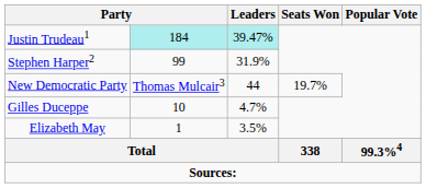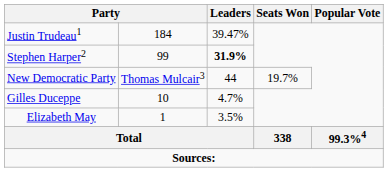 <table class="wikitable">
 <tr>
 <th colspan="2">Party</th>
 <th>Leaders</th>
 <th>Seats Won</th>
 <th>Popular Vote</th>
 </tr>
 <tr>
 <td><a href='#'>Justin Trudeau</a><sup>1</sup></td>
-<td align=center style="background: paleturquoise;">184</td>
-<td align=center style="background: paleturquoise;">39.47%</td>
+<td align=center>184</td>
+<td align=center>39.47%</td>
 </tr>
 <tr>
 <td><a href='#'>Stephen Harper</a><sup>2</sup></td>
 <td align=center>99</td>
-<td align=center>31.9%</td>
+<td align=center><strong>31.9%</strong></td>
 </tr>
 <tr>
 <td><a href='#'>New Democratic Party</a></td>
 <td><a href='#'>Thomas Mulcair</a><sup>3</sup></td>
 <td align=center>44</td>
 <td align=center>19.7%</td>
 </tr>
 <tr>
 <td><a href='#'>Gilles Duceppe</a></td>
 <td align=center>10</td>
 <td align=center>4.7%</td>
 </tr>
 <tr>
 <td align=center><a href='#'>Elizabeth May</a></td>
 <td align=center>1</td>
 <td align=center>3.5%</td>
 </tr>
 <tr>
 <th colspan=3>Total</th>
 <th>338</th>
 <th>99.3%<sup>4</sup></th>
 </tr>
 <tr>
 <td align="center" colspan=5><strong>Sources:</strong> </td>
 </tr>
 </table>
